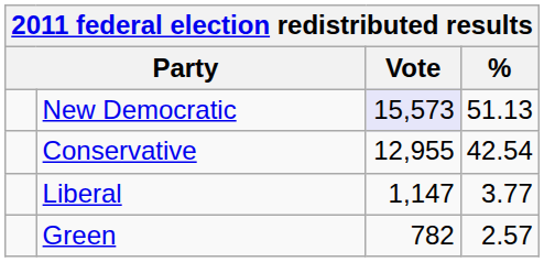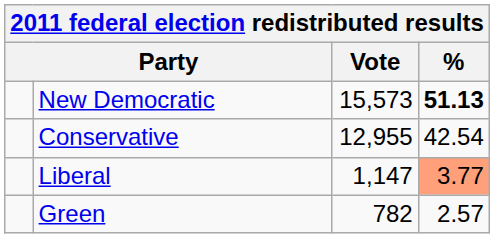 <table class="wikitable">
 <tr>
 <th colspan="4"><a href='#'>2011 federal election</a> redistributed results</th>
 </tr>
 <tr>
 <th width="130" bgcolor="#ddddff" colspan="2">Party</th>
 <th width="50" bgcolor="#ddddff">Vote</th>
 <th width="30" bgcolor="#ddddff">%</th>
 </tr>
 <tr>
 <td> </td>
 <td><a href='#'>New Democratic</a></td>
-<td align=right style="background: lavender;">15,573</td>
-<td align=right>51.13</td>
+<td align=right>15,573</td>
+<td align=right><strong>51.13</strong></td>
 </tr>
 <tr>
 <td> </td>
 <td><a href='#'>Conservative</a></td>
 <td align=right>12,955</td>
 <td align=right>42.54</td>
 </tr>
 <tr>
 <td> </td>
 <td><a href='#'>Liberal</a></td>
 <td align=right>1,147</td>
-<td align=right>3.77</td>
+<td align=right style="background: lightsalmon;">3.77</td>
 </tr>
 <tr>
 <td> </td>
 <td><a href='#'>Green</a></td>
 <td align=right>782</td>
 <td align=right>2.57</td>
 </tr>
 </table>
